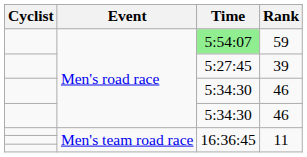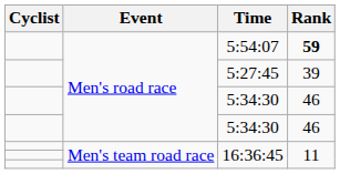 <table class="wikitable sortable" style="text-align:center">
 <tr>
 <th>Cyclist</th>
 <th>Event</th>
 <th>Time</th>
 <th>Rank</th>
 </tr>
 <tr>
 <td align=left></td>
 <td align=left rowspan=4><a href='#'>Men's road race</a></td>
-<td style="background: lightgreen;">5:54:07</td>
-<td>59</td>
+<td>5:54:07</td>
+<td><strong>59</strong></td>
 </tr>
 <tr>
 <td align=left></td>
 <td>5:27:45</td>
 <td>39</td>
 </tr>
 <tr>
 <td align=left></td>
 <td>5:34:30</td>
 <td>46</td>
 </tr>
 <tr>
 <td align=left></td>
 <td>5:34:30</td>
 <td>46</td>
 </tr>
 <tr>
 <td align=left></td>
 <td align=left rowspan=3><a href='#'>Men's team road race</a></td>
 <td rowspan=3>16:36:45</td>
 <td rowspan=3>11</td>
 </tr>
 <tr>
 <td align=left></td>
 </tr>
 <tr>
 <td align=left></td>
 </tr>
 </table>
